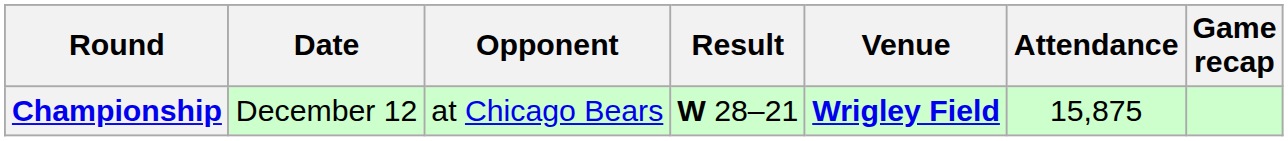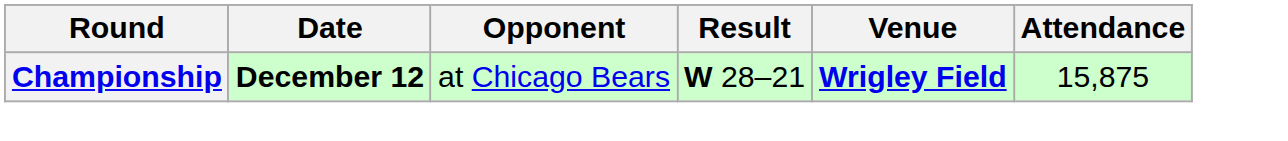 <table class="wikitable" style="text-align:center">
 <tr>
 <th>Round</th>
 <th>Date</th>
 <th>Opponent</th>
 <th>Result</th>
 <th>Venue</th>
 <th>Attendance</th>
-<th>Game<br>recap</th>
 </tr>
 <tr style="background:#cfc">
 <th><a href='#'>Championship</a></th>
-<td>December 12</td>
+<td><strong>December 12</strong></td>
 <td>at <a href='#'>Chicago Bears</a></td>
 <td><strong>W</strong> 28–21</td>
 <td><strong><a href='#'>Wrigley Field</a></strong></td>
 <td>15,875</td>
-<td></td>
 </tr>
 </table>
